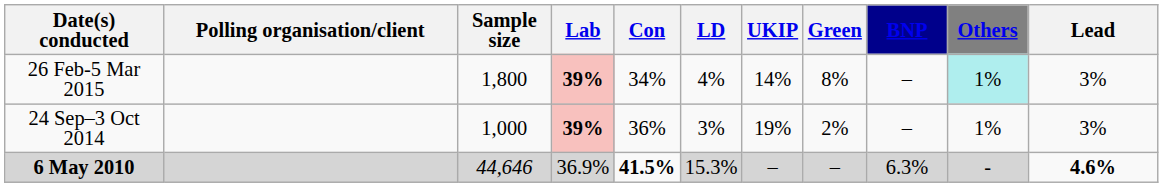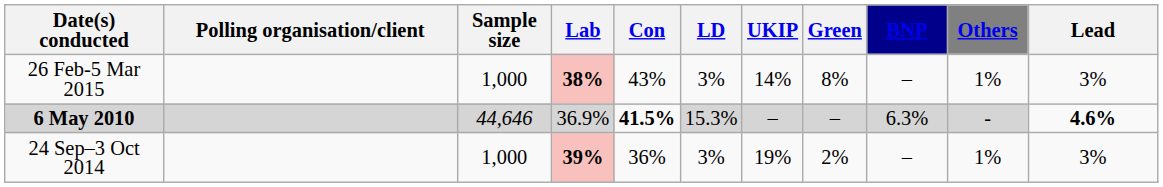 <table class="wikitable sortable" style="text-align:center;font-size:90%;line-height:14px">
 <tr>
 <th ! style="width:105px;">Date(s)<br>conducted</th>
 <th style="width:200px;">Polling organisation/client</th>
 <th class="unsortable" style="width:60px;">Sample size</th>
 <th class="unsortable" style="background:"><a href='#'><span>Lab</span></a></th>
 <th class="unsortable" style="background:"><a href='#'><span>Con</span></a></th>
 <th class="unsortable" style="background:"><a href='#'><span>LD</span></a></th>
 <th class="unsortable" style="background:"><a href='#'><span>UKIP</span></a></th>
 <th class="unsortable" style="background:"><a href='#'><span>Green</span></a></th>
 <th class="unsortable" style="background:#00008B; text-color:white; width:50px;"><a href='#'><span>BNP</span></a></th>
 <th class="unsortable" style="background:gray; width:50px;"><a href='#'><span>Others</span></a></th>
 <th class="unsortable" style="width:85px;">Lead</th>
 </tr>
 <tr>
 <td>26 Feb-5 Mar 2015</td>
 <td></td>
-<td>1,800</td>
-<td style="background:#F8C1BE"><strong>39%</strong></td>
-<td>34%</td>
-<td>4%</td>
+<td>1,000</td>
+<td style="background:#F8C1BE"><strong>38%</strong></td>
+<td>43%</td>
+<td>3%</td>
 <td>14%</td>
 <td>8%</td>
-<td>–</td>
-<td style="background: paleturquoise;">1%</td>
-<td style="background:">3%</td>
-</tr>
-<tr>
-<td>24 Sep–3 Oct 2014</td>
-<td></td>
-<td>1,000</td>
-<td style="background:#F8C1BE"><strong>39%</strong></td>
-<td>36%</td>
-<td>3%</td>
-<td>19%</td>
-<td>2%</td>
 <td>–</td>
 <td>1%</td>
 <td style="background:">3%</td>
 </tr>
 <tr>
 <td style="background:#D5D5D5"><strong>6 May 2010</strong></td>
 <td style="background:#D5D5D5"></td>
 <td style="background:#D5D5D5"><em>44,646</em></td>
 <td style="background:#D5D5D5">36.9%</td>
 <td style="background:"><strong>41.5%</strong></td>
 <td style="background:#D5D5D5">15.3%</td>
 <td style="background:#D5D5D5">–</td>
 <td style="background:#D5D5D5">–</td>
 <td style="background:#D5D5D5">6.3%</td>
 <td style="background:#D5D5D5">-</td>
 <td style="background:"><strong>4.6% </strong></td>
 </tr>
+<tr>
+<td>24 Sep–3 Oct 2014</td>
+<td></td>
+<td>1,000</td>
+<td style="background:#F8C1BE"><strong>39%</strong></td>
+<td>36%</td>
+<td>3%</td>
+<td>19%</td>
+<td>2%</td>
+<td>–</td>
+<td>1%</td>
+<td style="background:">3%</td>
+</tr>
 </table>
